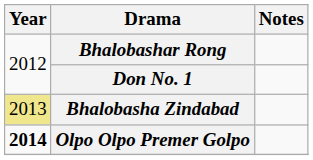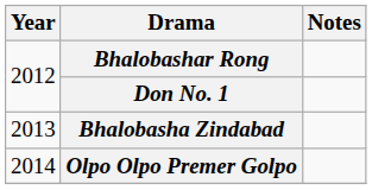 <table class="wikitable sortable">
 <tr>
 <th>Year</th>
 <th>Drama</th>
 <th>Notes</th>
 </tr>
 <tr>
 <td rowspan=2>2012</td>
 <th><em>Bhalobashar Rong</em></th>
 <td></td>
 </tr>
 <tr>
 <th><em>Don No. 1</em></th>
 <td></td>
 </tr>
 <tr>
-<td style="background: khaki;">2013</td>
+<td>2013</td>
 <th><em>Bhalobasha Zindabad</em></th>
 <td></td>
 </tr>
 <tr>
-<td><strong>2014</strong></td>
+<td>2014</td>
 <th><em>Olpo Olpo Premer Golpo</em></th>
 <td></td>
 </tr>
 <tr>
 </tr>
 </table>
